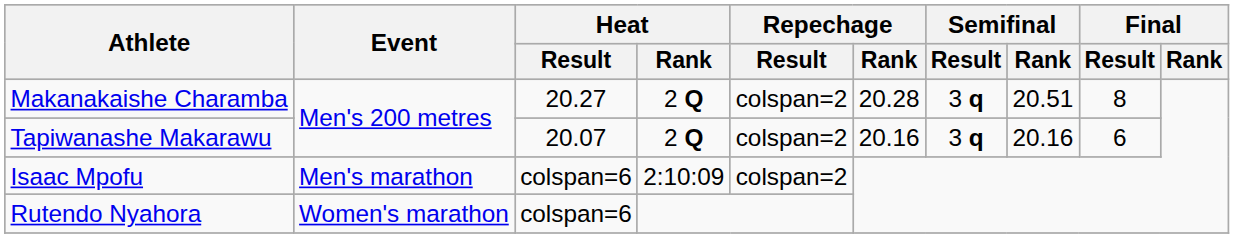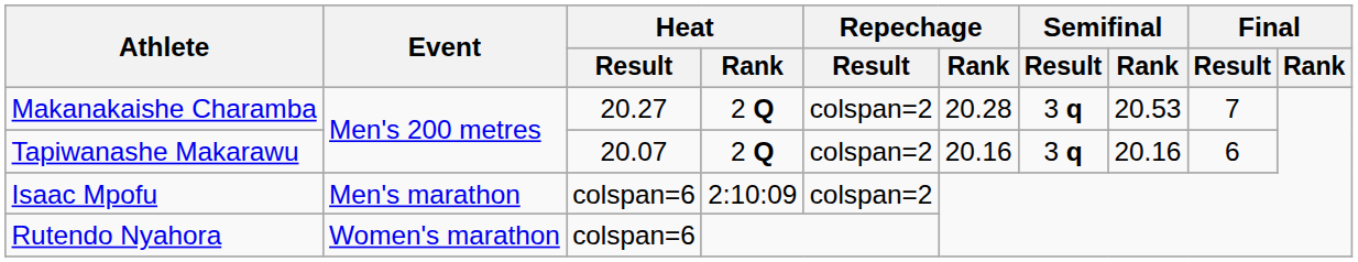 <table class="wikitable" style="font-size:90%">
 <tr>
 <th rowspan="2">Athlete</th>
 <th rowspan="2">Event</th>
 <th colspan="2">Heat</th>
 <th colspan="2">Repechage</th>
 <th colspan="2">Semifinal</th>
 <th colspan="2">Final</th>
 </tr>
 <tr style="font-size:95%">
 <th>Result</th>
 <th>Rank</th>
 <th>Result</th>
 <th>Rank</th>
 <th>Result</th>
 <th>Rank</th>
 <th>Result</th>
 <th>Rank</th>
 </tr>
 <tr align=center>
 <td align=left><a href='#'>Makanakaishe Charamba</a></td>
 <td align=left rowspan=2><a href='#'>Men's 200 metres</a></td>
 <td>20.27</td>
 <td>2 <strong>Q</strong></td>
 <td>colspan=2 </td>
 <td>20.28</td>
 <td>3 <strong>q</strong></td>
-<td>20.51</td>
-<td>8</td>
+<td>20.53</td>
+<td>7</td>
 </tr>
 <tr align=center>
 <td align=left><a href='#'>Tapiwanashe Makarawu</a></td>
 <td>20.07</td>
 <td>2 <strong>Q</strong></td>
 <td>colspan=2 </td>
 <td>20.16</td>
 <td>3 <strong>q</strong></td>
 <td>20.16</td>
 <td>6</td>
 </tr>
 <tr align=center>
 <td align=left><a href='#'>Isaac Mpofu</a></td>
 <td align=left><a href='#'>Men's marathon</a></td>
 <td>colspan=6 </td>
 <td>2:10:09</td>
 <td>colspan=2 </td>
 </tr>
 <tr align=center>
 <td align=left><a href='#'>Rutendo Nyahora</a></td>
 <td align=left><a href='#'>Women's marathon</a></td>
 <td>colspan=6 </td>
 <td colspan=2></td>
 </tr>
 </table>
